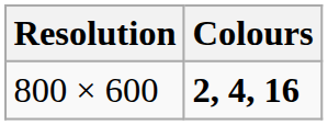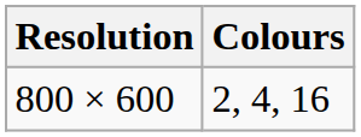 <table class="wikitable">
 <tr>
 <th>Resolution</th>
 <th>Colours</th>
 </tr>
 <tr>
 <td>800 × 600</td>
-<td><strong>2, 4, 16</strong></td>
+<td>2, 4, 16</td>
 </tr>
 </table>
